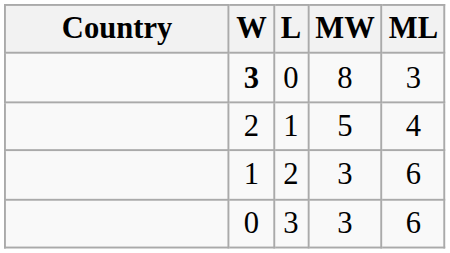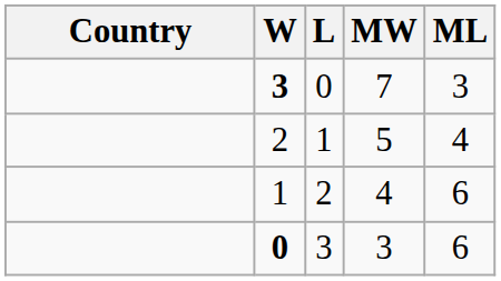 <table class="wikitable sortable" style="text-align:center">
 <tr>
 <th width=110>Country</th>
 <th>W</th>
 <th>L</th>
 <th>MW</th>
 <th>ML</th>
 </tr>
 <tr>
 <td align=left><strong></strong></td>
 <td><strong>3</strong></td>
 <td>0</td>
-<td>8</td>
+<td>7</td>
 <td>3</td>
 </tr>
 <tr>
 <td align=left></td>
 <td>2</td>
 <td>1</td>
 <td>5</td>
 <td>4</td>
 </tr>
 <tr>
 <td align=left></td>
 <td>1</td>
 <td>2</td>
-<td>3</td>
+<td>4</td>
 <td>6</td>
 </tr>
 <tr>
 <td align=left></td>
-<td>0</td>
+<td><strong>0</strong></td>
 <td>3</td>
 <td>3</td>
 <td>6</td>
 </tr>
 </table>
